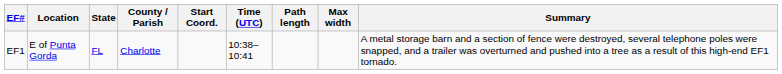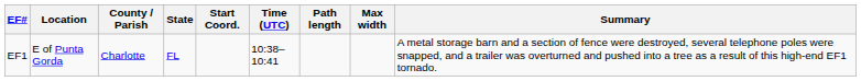 <table class="wikitable sortable">
 <tr>
 <th scope="col"><a href='#'>EF#</a></th>
 <th class="unsortable" scope="col">Location</th>
+<th class="unsortable" scope="col">County / Parish</th>
 <th scope="col">State</th>
-<th class="unsortable" scope="col">County / Parish</th>
 <th scope="col">Start Coord.</th>
 <th scope="col">Time (<a href='#'>UTC</a>)</th>
 <th scope="col">Path length</th>
 <th scope="col">Max width</th>
 <th class="unsortable" scope="col">Summary</th>
 </tr>
 <tr>
 <td>EF1</td>
 <td>E of <a href='#'>Punta Gorda</a></td>
+<td><a href='#'>Charlotte</a></td>
 <td><a href='#'>FL</a></td>
-<td><a href='#'>Charlotte</a></td>
 <td></td>
 <td>10:38–10:41</td>
 <td></td>
 <td></td>
 <td>A metal storage barn and a section of fence were destroyed, several telephone poles were snapped, and a trailer was overturned and pushed into a tree as a result of this high-end EF1 tornado.</td>
 </tr>
 </table>
